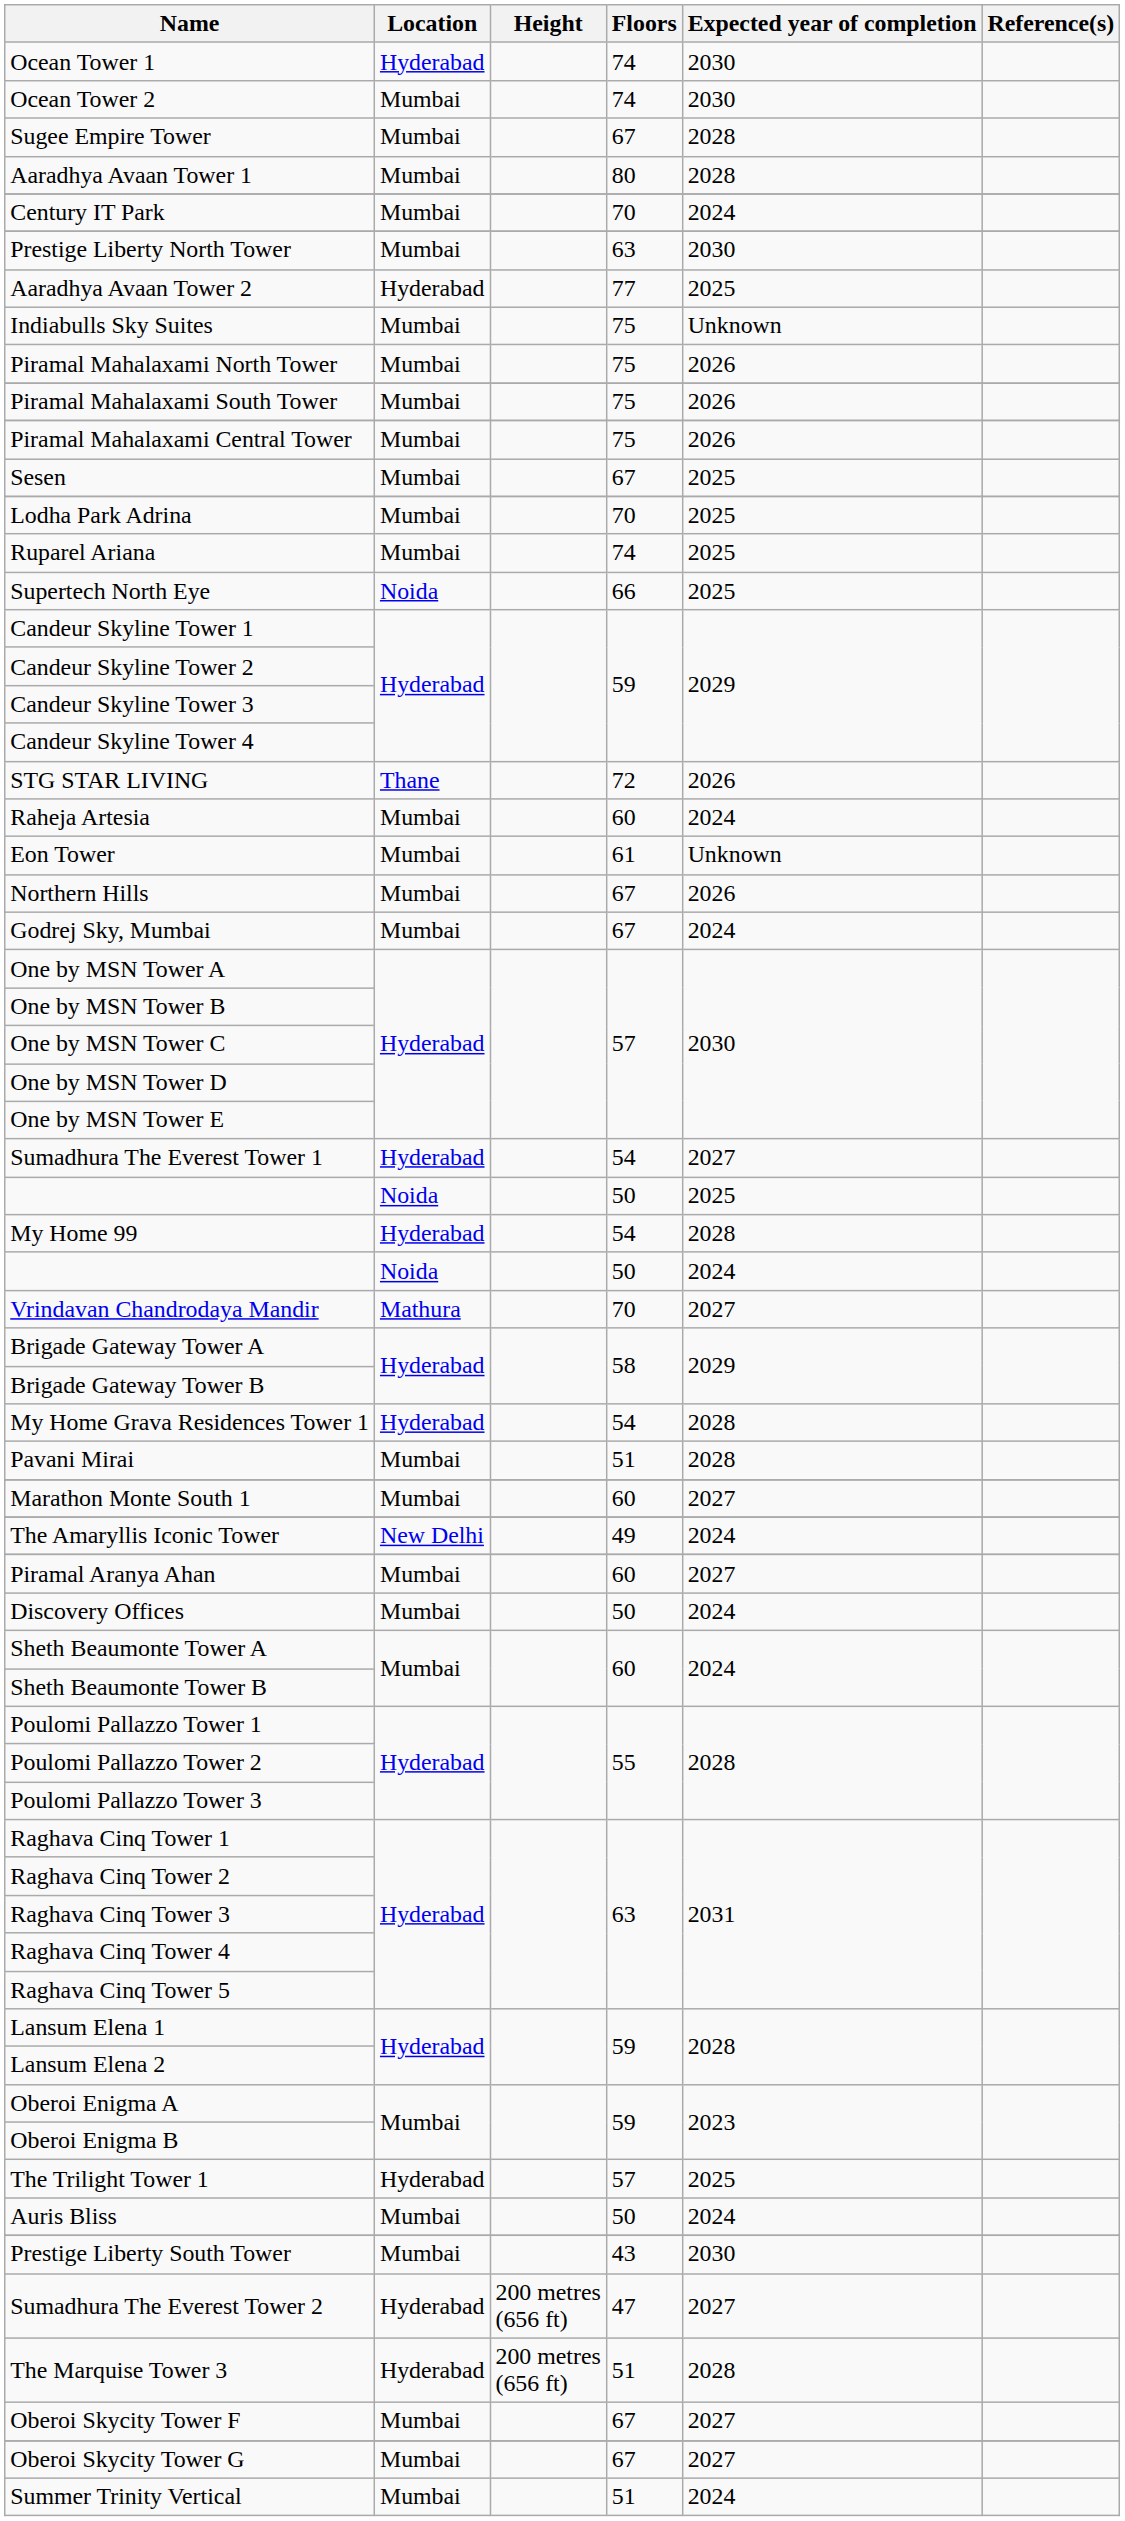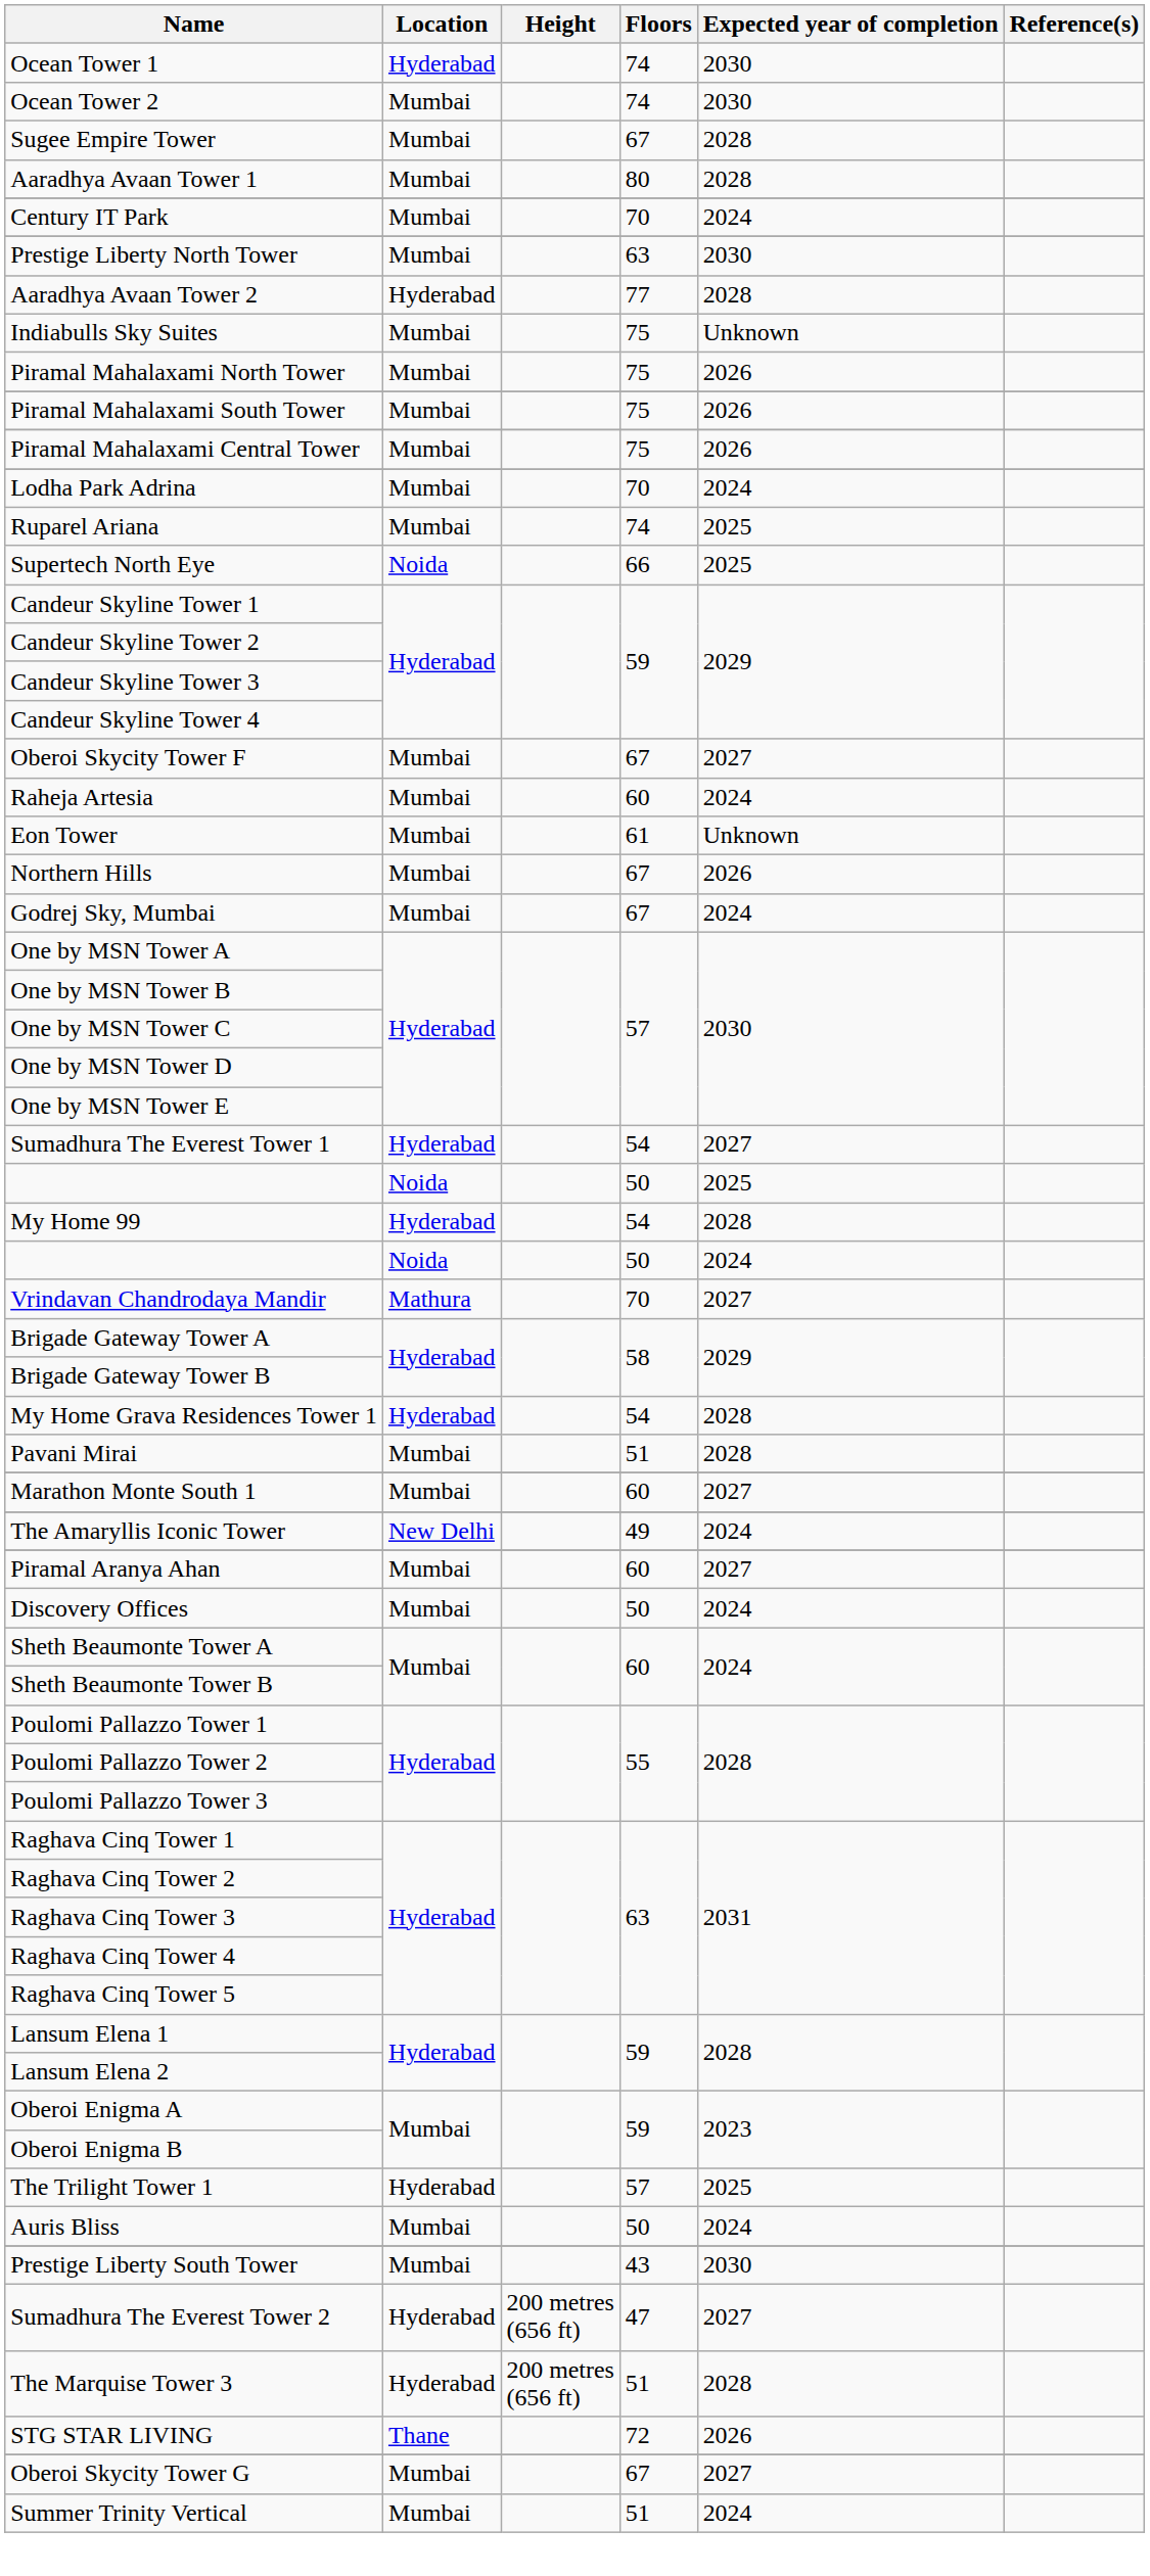 <table class="wikitable sortable collapsible static-row-numbers">
 <tr>
 <th>Name</th>
 <th>Location</th>
 <th>Height</th>
 <th>Floors</th>
 <th>Expected year of completion</th>
 <th>Reference(s)</th>
 </tr>
 <tr>
 <td>Ocean Tower 1</td>
 <td><a href='#'>Hyderabad</a></td>
 <td></td>
 <td>74</td>
 <td>2030</td>
 <td></td>
 </tr>
 <tr>
 <td>Ocean Tower 2</td>
 <td>Mumbai</td>
 <td></td>
 <td>74</td>
 <td>2030</td>
 <td></td>
 </tr>
 <tr>
 <td>Sugee Empire Tower</td>
 <td>Mumbai</td>
 <td></td>
 <td>67</td>
 <td>2028</td>
 <td></td>
 </tr>
 <tr>
 <td>Aaradhya Avaan Tower 1</td>
 <td>Mumbai</td>
 <td></td>
 <td>80</td>
 <td>2028</td>
 <td></td>
 </tr>
 <tr>
 </tr>
 <tr>
 <td>Century IT Park</td>
 <td>Mumbai</td>
 <td></td>
 <td>70</td>
 <td>2024</td>
 <td></td>
 </tr>
 <tr>
 </tr>
 <tr>
 <td>Prestige Liberty North Tower</td>
 <td>Mumbai</td>
 <td></td>
 <td>63</td>
 <td>2030</td>
 <td></td>
 </tr>
 <tr>
 <td>Aaradhya Avaan Tower 2</td>
 <td>Hyderabad</td>
 <td></td>
 <td>77</td>
-<td>2025</td>
+<td>2028</td>
 <td></td>
 </tr>
 <tr>
 <td>Indiabulls Sky Suites</td>
 <td>Mumbai</td>
 <td></td>
 <td>75</td>
 <td>Unknown</td>
 <td></td>
 </tr>
 <tr>
 <td>Piramal Mahalaxami North Tower</td>
 <td>Mumbai</td>
 <td></td>
 <td>75</td>
 <td>2026</td>
 <td></td>
 </tr>
 <tr>
 </tr>
 <tr>
 <td>Piramal Mahalaxami South Tower</td>
 <td>Mumbai</td>
 <td></td>
 <td>75</td>
 <td>2026</td>
 <td></td>
 </tr>
 <tr>
 </tr>
 <tr>
 <td>Piramal Mahalaxami Central Tower</td>
 <td>Mumbai</td>
 <td></td>
 <td>75</td>
 <td>2026</td>
 <td></td>
 </tr>
 <tr>
-<td>Sesen</td>
-<td>Mumbai</td>
-<td></td>
-<td>67</td>
-<td>2025</td>
-<td></td>
-</tr>
-<tr>
 </tr>
 <tr>
 <td>Lodha Park Adrina</td>
 <td>Mumbai</td>
 <td></td>
 <td>70</td>
-<td>2025</td>
+<td>2024</td>
 <td></td>
 </tr>
 <tr>
 <td>Ruparel Ariana</td>
 <td>Mumbai</td>
 <td></td>
 <td>74</td>
 <td>2025</td>
 <td></td>
 </tr>
 <tr>
 <td>Supertech North Eye</td>
 <td><a href='#'>Noida</a></td>
 <td></td>
 <td>66</td>
 <td>2025</td>
 <td></td>
 </tr>
 <tr>
 <td>Candeur Skyline Tower 1</td>
 <td rowspan="4"><a href='#'>Hyderabad</a></td>
 <td rowspan="4"></td>
 <td rowspan="4">59</td>
 <td rowspan="4">2029</td>
 <td rowspan="4"></td>
 </tr>
 <tr>
 <td>Candeur Skyline Tower 2</td>
 </tr>
 <tr>
 <td>Candeur Skyline Tower 3</td>
 </tr>
 <tr>
 <td>Candeur Skyline Tower 4<br></td>
 </tr>
 <tr>
-<td>STG STAR LIVING</td>
-<td><a href='#'>Thane</a></td>
+<td>Oberoi Skycity Tower F</td>
+<td>Mumbai</td>
 <td></td>
-<td>72</td>
-<td>2026</td>
+<td>67</td>
+<td>2027</td>
 <td></td>
 </tr>
 <tr>
 <td>Raheja Artesia</td>
 <td>Mumbai</td>
 <td></td>
 <td>60</td>
 <td>2024</td>
 <td></td>
 </tr>
 <tr>
 <td>Eon Tower</td>
 <td>Mumbai</td>
 <td></td>
 <td>61</td>
 <td>Unknown</td>
 <td></td>
 </tr>
 <tr>
 <td>Northern Hills</td>
 <td>Mumbai</td>
 <td></td>
 <td>67</td>
 <td>2026</td>
 <td></td>
 </tr>
 <tr>
 <td>Godrej Sky, Mumbai</td>
 <td>Mumbai</td>
 <td></td>
 <td>67</td>
 <td>2024</td>
 <td></td>
 </tr>
 <tr>
 <td>One by MSN Tower A</td>
 <td rowspan="5"><a href='#'>Hyderabad</a></td>
 <td rowspan="5"></td>
 <td rowspan="5">57</td>
 <td rowspan="5">2030</td>
 <td rowspan="5"></td>
 </tr>
 <tr>
 <td>One by MSN Tower B</td>
 </tr>
 <tr>
 <td>One by MSN Tower C</td>
 </tr>
 <tr>
 <td>One by MSN Tower D</td>
 </tr>
 <tr>
 <td>One by MSN Tower E</td>
 </tr>
 <tr>
 <td>Sumadhura The Everest Tower 1</td>
 <td><a href='#'>Hyderabad</a></td>
 <td></td>
 <td>54</td>
 <td>2027</td>
 <td></td>
 </tr>
 <tr>
 <td></td>
 <td><a href='#'>Noida</a></td>
 <td></td>
 <td>50</td>
 <td>2025</td>
 <td></td>
 </tr>
 <tr>
 <td>My Home 99</td>
 <td><a href='#'>Hyderabad</a></td>
 <td></td>
 <td>54</td>
 <td>2028</td>
 <td></td>
 </tr>
 <tr>
 <td></td>
 <td><a href='#'>Noida</a></td>
 <td></td>
 <td>50</td>
 <td>2024</td>
 <td></td>
 </tr>
 <tr>
 <td><a href='#'>Vrindavan Chandrodaya Mandir</a></td>
 <td><a href='#'>Mathura</a></td>
 <td></td>
 <td>70</td>
 <td>2027</td>
 <td></td>
 </tr>
 <tr>
 <td>Brigade Gateway Tower A</td>
 <td rowspan="2"><a href='#'>Hyderabad</a></td>
 <td rowspan="2"></td>
 <td rowspan="2">58</td>
 <td rowspan="2">2029</td>
 <td rowspan="2"></td>
 </tr>
 <tr>
 <td>Brigade Gateway Tower B</td>
 </tr>
 <tr>
 <td>My Home Grava Residences Tower 1</td>
 <td><a href='#'>Hyderabad</a></td>
 <td></td>
 <td>54</td>
 <td>2028</td>
 <td></td>
 </tr>
 <tr>
 <td>Pavani Mirai</td>
 <td>Mumbai</td>
 <td></td>
 <td>51</td>
 <td>2028</td>
 <td></td>
 </tr>
 <tr>
 </tr>
 <tr>
 <td>Marathon Monte South 1</td>
 <td>Mumbai</td>
 <td></td>
 <td>60</td>
 <td>2027</td>
 <td></td>
 </tr>
 <tr>
 </tr>
 <tr>
 <td>The Amaryllis Iconic Tower</td>
 <td><a href='#'>New Delhi</a></td>
 <td></td>
 <td>49</td>
 <td>2024</td>
 <td></td>
 </tr>
 <tr>
 </tr>
 <tr>
 <td>Piramal Aranya Ahan</td>
 <td>Mumbai</td>
 <td></td>
 <td>60</td>
 <td>2027</td>
 <td></td>
 </tr>
 <tr>
 <td>Discovery Offices</td>
 <td>Mumbai</td>
 <td></td>
 <td>50</td>
 <td>2024</td>
 <td><br>  </td>
 </tr>
 <tr>
 <td>Sheth Beaumonte Tower A</td>
 <td rowspan="2">Mumbai</td>
 <td rowspan="2"></td>
 <td rowspan="2">60</td>
 <td rowspan="2">2024</td>
 <td rowspan="2"></td>
 </tr>
 <tr>
 <td>Sheth Beaumonte Tower B</td>
 </tr>
 <tr>
 <td>Poulomi Pallazzo Tower 1</td>
 <td rowspan="3"><a href='#'>Hyderabad</a></td>
 <td rowspan="3"></td>
 <td rowspan="3">55</td>
 <td rowspan="3">2028</td>
 <td rowspan="3"></td>
 </tr>
 <tr>
 <td>Poulomi Pallazzo Tower 2</td>
 </tr>
 <tr>
 <td>Poulomi Pallazzo Tower 3</td>
 </tr>
 <tr>
 <td>Raghava Cinq Tower 1</td>
 <td rowspan="5"><a href='#'>Hyderabad</a></td>
 <td rowspan="5"></td>
 <td rowspan="5">63</td>
 <td rowspan="5">2031</td>
 <td rowspan="5"></td>
 </tr>
 <tr>
 <td>Raghava Cinq Tower 2</td>
 </tr>
 <tr>
 <td>Raghava Cinq Tower 3</td>
 </tr>
 <tr>
 <td>Raghava Cinq Tower 4</td>
 </tr>
 <tr>
 <td>Raghava Cinq Tower 5</td>
 </tr>
 <tr>
 <td>Lansum Elena 1</td>
 <td rowspan="2"><a href='#'>Hyderabad</a></td>
 <td rowspan="2"></td>
 <td rowspan="2">59</td>
 <td rowspan="2">2028</td>
 <td rowspan="2"></td>
 </tr>
 <tr>
 <td>Lansum Elena 2</td>
 </tr>
 <tr>
 <td>Oberoi Enigma A</td>
 <td rowspan="2">Mumbai</td>
 <td rowspan="2"></td>
 <td rowspan="2">59</td>
 <td rowspan="2">2023</td>
 <td rowspan="2"></td>
 </tr>
 <tr>
 <td>Oberoi Enigma B<br>   </td>
 </tr>
 <tr>
 <td>The Trilight Tower 1</td>
 <td>Hyderabad</td>
 <td></td>
 <td>57</td>
 <td>2025</td>
 <td></td>
 </tr>
 <tr>
 <td>Auris Bliss</td>
 <td>Mumbai</td>
 <td></td>
 <td>50</td>
 <td>2024</td>
 <td></td>
 </tr>
 <tr>
 </tr>
 <tr>
 <td>Prestige Liberty South Tower</td>
 <td>Mumbai</td>
 <td></td>
 <td>43</td>
 <td>2030</td>
 <td></td>
 </tr>
 <tr>
 <td>Sumadhura The Everest Tower 2</td>
 <td>Hyderabad</td>
 <td>200 metres<br>(656 ft)</td>
 <td>47</td>
 <td>2027</td>
 <td></td>
 </tr>
 <tr>
 <td>The Marquise Tower 3</td>
 <td>Hyderabad</td>
 <td>200 metres<br>(656 ft)</td>
 <td>51</td>
 <td>2028</td>
 <td></td>
 </tr>
 <tr>
-<td>Oberoi Skycity Tower F</td>
-<td>Mumbai</td>
+<td>STG STAR LIVING</td>
+<td><a href='#'>Thane</a></td>
 <td></td>
-<td>67</td>
-<td>2027</td>
+<td>72</td>
+<td>2026</td>
 <td></td>
 </tr>
 <tr>
 </tr>
 <tr>
 <td>Oberoi Skycity Tower G</td>
 <td>Mumbai</td>
 <td></td>
 <td>67</td>
 <td>2027</td>
 <td></td>
 </tr>
 <tr>
 <td>Summer Trinity Vertical</td>
 <td>Mumbai</td>
 <td></td>
 <td>51</td>
 <td>2024</td>
 <td></td>
 </tr>
 </table>
